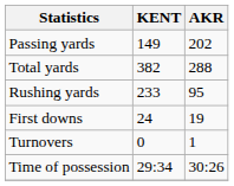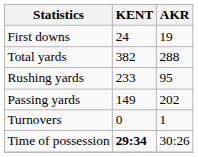 <table class="wikitable">
 <tr>
 <th>Statistics</th>
 <th>KENT</th>
 <th>AKR</th>
 </tr>
 <tr>
-<td>Passing yards</td>
-<td>149</td>
-<td>202</td>
+<td>First downs</td>
+<td>24</td>
+<td>19</td>
 </tr>
 <tr>
 <td>Total yards</td>
 <td>382</td>
 <td>288</td>
 </tr>
 <tr>
 <td>Rushing yards</td>
 <td>233</td>
 <td>95</td>
 </tr>
 <tr>
-<td>First downs</td>
-<td>24</td>
-<td>19</td>
+<td>Passing yards</td>
+<td>149</td>
+<td>202</td>
 </tr>
 <tr>
 <td>Turnovers</td>
 <td>0</td>
 <td>1</td>
 </tr>
 <tr>
 <td>Time of possession</td>
-<td>29:34</td>
+<td><strong>29:34</strong></td>
 <td>30:26</td>
 </tr>
 <tr>
 </tr>
 </table>
